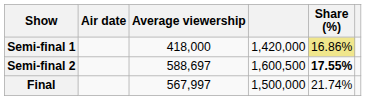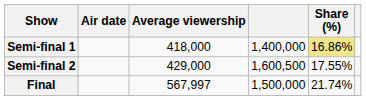 <table class="wikitable plainrowheaders" style="text-align:center">
 <tr>
 <th>Show</th>
 <th>Air date</th>
 <th>Average viewership</th>
 <th></th>
 <th>Share<br>(%)</th>
 <th></th>
 </tr>
 <tr>
 <th scope="row">Semi-final 1</th>
 <td></td>
 <td>418,000</td>
-<td>1,420,000</td>
+<td>1,400,000</td>
 <td style="background: khaki;">16.86%</td>
 <td></td>
 </tr>
 <tr>
 <th scope="row">Semi-final 2</th>
 <td></td>
-<td>588,697</td>
+<td>429,000</td>
 <td>1,600,500</td>
-<td><strong>17.55%</strong></td>
+<td>17.55%</td>
 <td></td>
 </tr>
 <tr>
 <th scope="row">Final</th>
 <td></td>
 <td>567,997</td>
 <td>1,500,000</td>
 <td>21.74%</td>
 <td></td>
 </tr>
 </table>
